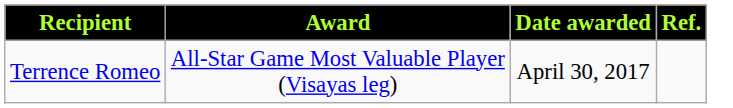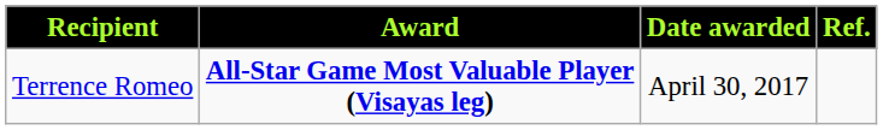 <table class="wikitable sortable sortable" style="text-align: center">
 <tr>
 <th style="background:#000000; color:#ADFF2F; ">Recipient</th>
 <th style="background:#000000; color:#ADFF2F; ">Award</th>
 <th style="background:#000000; color:#ADFF2F; ">Date awarded</th>
 <th style="background:#000000; color:#ADFF2F; ">Ref.</th>
 </tr>
 <tr>
 <td><a href='#'>Terrence Romeo</a></td>
-<td><a href='#'>All-Star Game Most Valuable Player</a><br>(<a href='#'>Visayas leg</a>)</td>
+<td><strong><a href='#'>All-Star Game Most Valuable Player</a><br>(<a href='#'>Visayas leg</a>)</strong></td>
 <td>April 30, 2017</td>
 <td align=center></td>
 </tr>
 </table>
